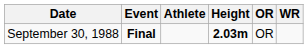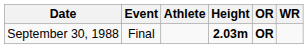 <table class=wikitable style=text-align:center>
 <tr>
 <th>Date</th>
 <th>Event</th>
 <th>Athlete</th>
 <th>Height</th>
 <th>OR</th>
 <th>WR</th>
 </tr>
 <tr>
 <td>September 30, 1988</td>
-<td><strong>Final</strong></td>
+<td>Final</td>
 <td align=left></td>
 <td><strong>2.03m</strong></td>
-<td>OR</td>
+<td><strong>OR</strong></td>
 </tr>
 </table>
